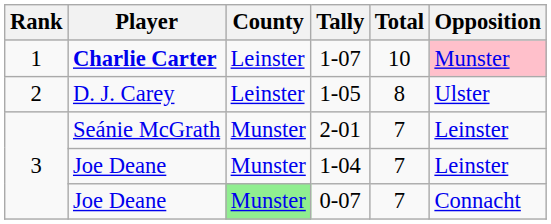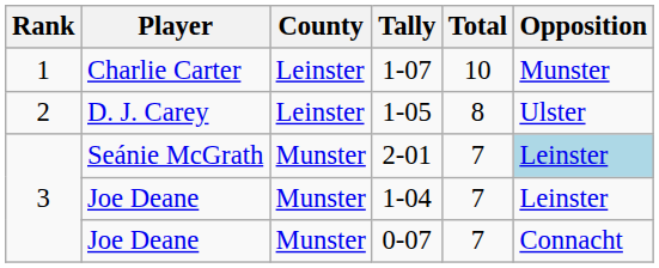 <table class="wikitable">
 <tr>
 <th>Rank</th>
 <th>Player</th>
 <th>County</th>
 <th>Tally</th>
 <th>Total</th>
 <th>Opposition</th>
 </tr>
 <tr>
 <td rowspan=1 align=center>1</td>
-<td><strong><a href='#'>Charlie Carter</a></strong></td>
+<td><a href='#'>Charlie Carter</a></td>
 <td><a href='#'>Leinster</a></td>
 <td align=center>1-07</td>
 <td align=center>10</td>
-<td style="background: pink;"><a href='#'>Munster</a></td>
+<td><a href='#'>Munster</a></td>
 </tr>
 <tr>
 <td rowspan=1 align=center>2</td>
 <td><a href='#'>D. J. Carey</a></td>
 <td><a href='#'>Leinster</a></td>
 <td align=center>1-05</td>
 <td align=center>8</td>
 <td><a href='#'>Ulster</a></td>
 </tr>
 <tr>
 <td rowspan=3 align=center>3</td>
 <td><a href='#'>Seánie McGrath</a></td>
 <td><a href='#'>Munster</a></td>
 <td align=center>2-01</td>
 <td align=center>7</td>
-<td><a href='#'>Leinster</a></td>
+<td style="background: lightblue;"><a href='#'>Leinster</a></td>
 </tr>
 <tr>
 <td><a href='#'>Joe Deane</a></td>
 <td><a href='#'>Munster</a></td>
 <td align=center>1-04</td>
 <td align=center>7</td>
 <td><a href='#'>Leinster</a></td>
 </tr>
 <tr>
 <td><a href='#'>Joe Deane</a></td>
-<td style="background: lightgreen;"><a href='#'>Munster</a></td>
+<td><a href='#'>Munster</a></td>
 <td align=center>0-07</td>
 <td align=center>7</td>
 <td><a href='#'>Connacht</a></td>
 </tr>
 </table>
